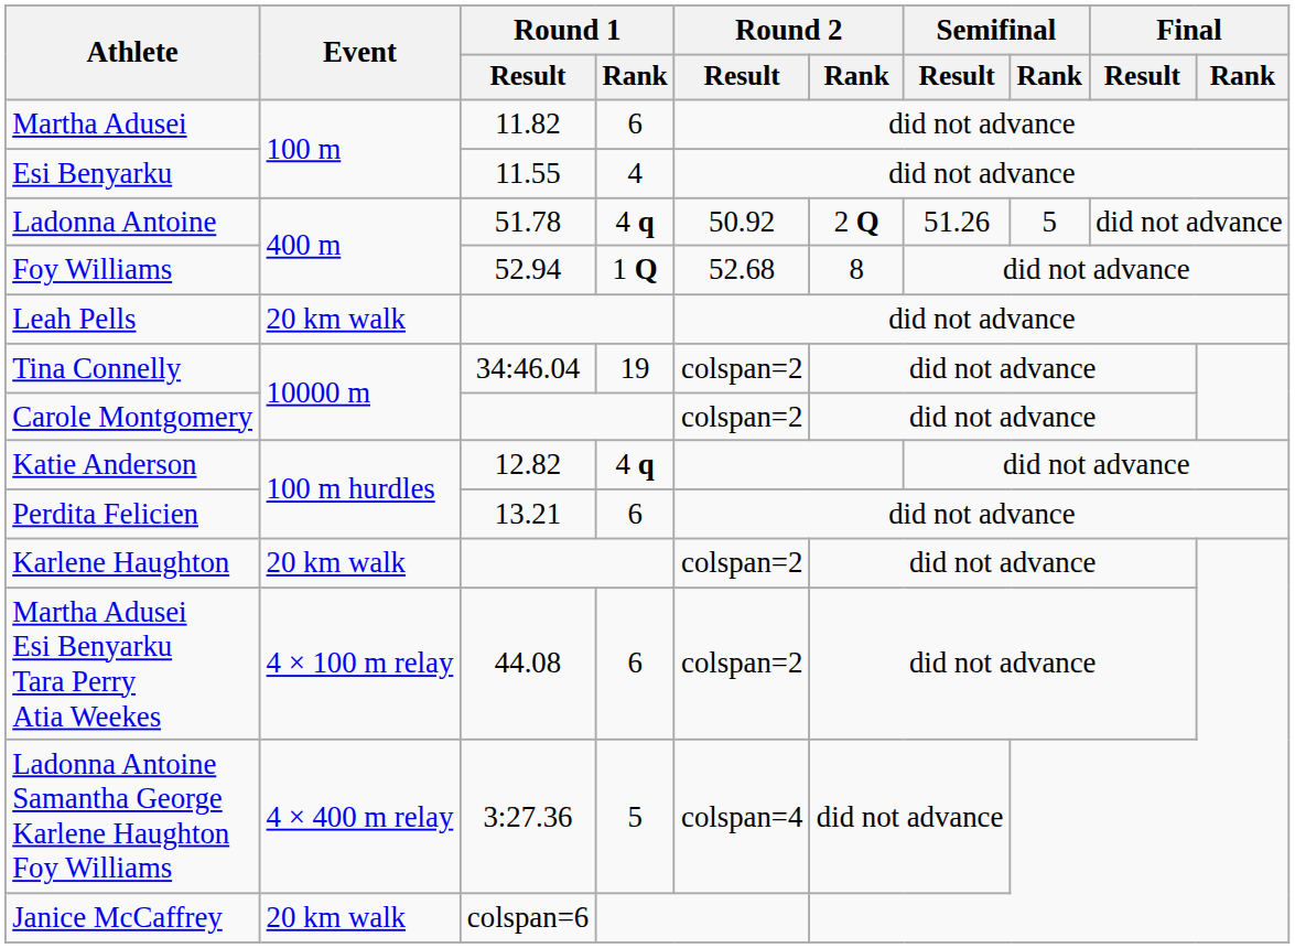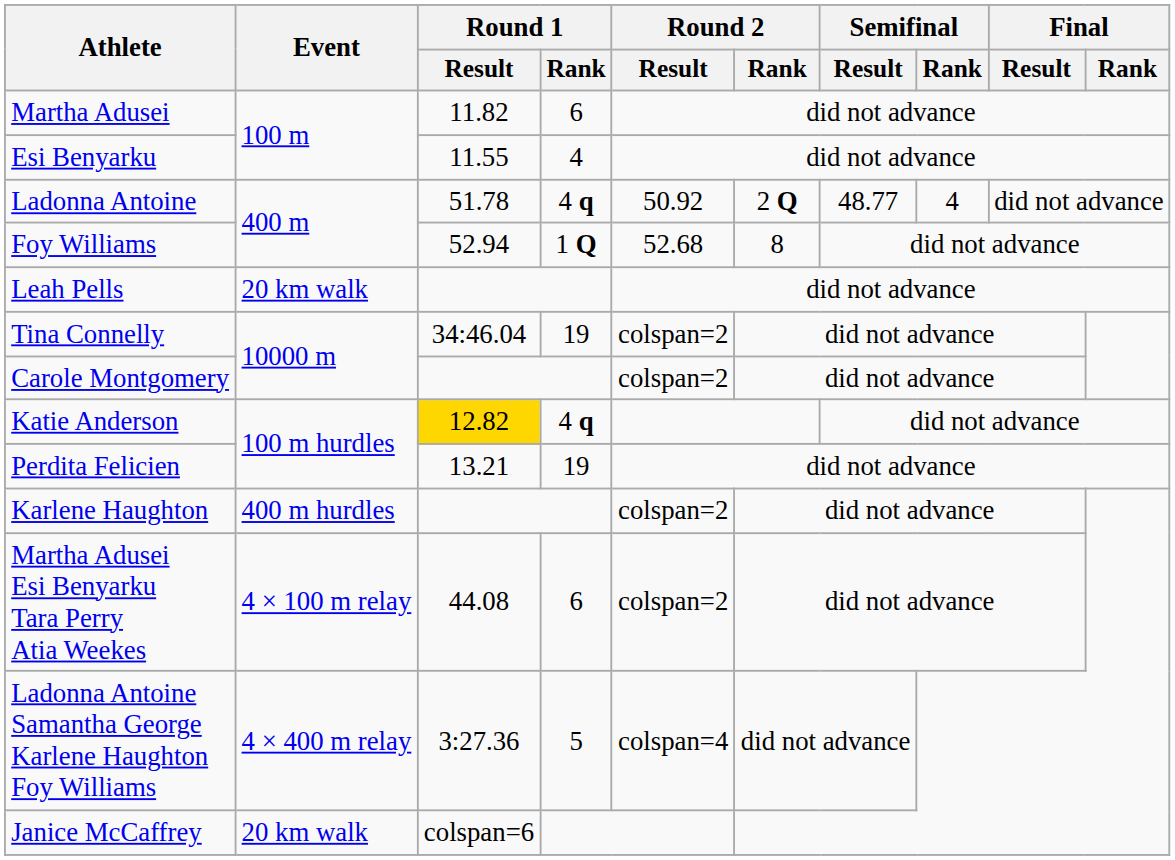 <table class="wikitable" style="font-size:90%">
 <tr>
 <th rowspan="2">Athlete</th>
 <th rowspan="2">Event</th>
 <th colspan="2">Round 1</th>
 <th colspan="2">Round 2</th>
 <th colspan="2">Semifinal</th>
 <th colspan="2">Final</th>
 </tr>
 <tr style="font-size:95%">
 <th>Result</th>
 <th>Rank</th>
 <th>Result</th>
 <th>Rank</th>
 <th>Result</th>
 <th>Rank</th>
 <th>Result</th>
 <th>Rank</th>
 </tr>
 <tr align=center>
 <td align=left><a href='#'>Martha Adusei</a></td>
 <td align=left rowspan=2><a href='#'>100 m</a></td>
 <td>11.82</td>
 <td>6</td>
 <td colspan=6>did not advance</td>
 </tr>
 <tr align=center>
 <td align=left><a href='#'>Esi Benyarku</a></td>
 <td>11.55</td>
 <td>4</td>
 <td colspan=6>did not advance</td>
 </tr>
 <tr align=center>
 <td align=left><a href='#'>Ladonna Antoine</a></td>
 <td align=left rowspan=2><a href='#'>400 m</a></td>
 <td>51.78</td>
 <td>4 <strong>q</strong></td>
 <td>50.92</td>
 <td>2 <strong>Q</strong></td>
-<td>51.26</td>
-<td>5</td>
+<td>48.77</td>
+<td>4</td>
 <td colspan=2>did not advance</td>
 </tr>
 <tr align=center>
 <td align=left><a href='#'>Foy Williams</a></td>
 <td>52.94</td>
 <td>1 <strong>Q</strong></td>
 <td>52.68</td>
 <td>8</td>
 <td colspan=4>did not advance</td>
 </tr>
 <tr align=center>
 <td align=left><a href='#'>Leah Pells</a></td>
 <td align=left><a href='#'>20 km walk</a></td>
 <td colspan=2></td>
 <td colspan=6>did not advance</td>
 </tr>
 <tr align=center>
 <td align=left><a href='#'>Tina Connelly</a></td>
 <td align=left rowspan=2><a href='#'>10000 m</a></td>
 <td>34:46.04</td>
 <td>19</td>
 <td>colspan=2 </td>
 <td colspan=4>did not advance</td>
 </tr>
 <tr align=center>
 <td align=left><a href='#'>Carole Montgomery</a></td>
 <td colspan=2></td>
 <td>colspan=2 </td>
 <td colspan=4>did not advance</td>
 </tr>
 <tr align=center>
 <td align=left><a href='#'>Katie Anderson</a></td>
 <td align=left rowspan=2><a href='#'>100 m hurdles</a></td>
-<td>12.82</td>
+<td style="background: gold;">12.82</td>
 <td>4 <strong>q</strong></td>
 <td colspan=2></td>
 <td colspan=4>did not advance</td>
 </tr>
 <tr align=center>
 <td align=left><a href='#'>Perdita Felicien</a></td>
 <td>13.21</td>
-<td>6</td>
+<td>19</td>
 <td colspan=6>did not advance</td>
 </tr>
 <tr align=center>
 <td align=left><a href='#'>Karlene Haughton</a></td>
-<td align=left><a href='#'>20 km walk</a></td>
+<td align=left><a href='#'>400 m hurdles</a></td>
 <td colspan=2></td>
 <td>colspan=2 </td>
 <td colspan=4>did not advance</td>
 </tr>
 <tr align=center>
 <td align=left><a href='#'>Martha Adusei</a><br><a href='#'>Esi Benyarku</a><br><a href='#'>Tara Perry</a><br><a href='#'>Atia Weekes</a></td>
 <td align=left><a href='#'>4 × 100 m relay</a></td>
 <td>44.08</td>
 <td>6</td>
 <td>colspan=2 </td>
 <td colspan=4>did not advance</td>
 </tr>
 <tr align=center>
 <td align=left><a href='#'>Ladonna Antoine</a><br><a href='#'>Samantha George</a><br><a href='#'>Karlene Haughton</a><br><a href='#'>Foy Williams</a></td>
 <td align=left><a href='#'>4 × 400 m relay</a></td>
 <td>3:27.36</td>
 <td>5</td>
 <td>colspan=4 </td>
 <td colspan=2>did not advance</td>
 </tr>
 <tr align=center>
 <td align=left><a href='#'>Janice McCaffrey</a></td>
 <td align=left><a href='#'>20 km walk</a></td>
 <td>colspan=6 </td>
 <td colspan=2></td>
 </tr>
 </table>
